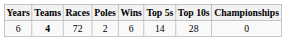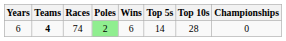 <table class="wikitable" style="text-align:center; font-size:95%">
 <tr>
 <th>Years</th>
 <th>Teams</th>
 <th>Races</th>
 <th>Poles</th>
 <th>Wins</th>
 <th>Top 5s</th>
 <th>Top 10s</th>
 <th>Championships</th>
 </tr>
 <tr>
 <td>6</td>
 <td><strong>4</strong></td>
-<td>72</td>
-<td>2</td>
+<td>74</td>
+<td style="background: lightgreen;">2</td>
 <td>6</td>
 <td>14</td>
 <td>28</td>
 <td>0</td>
 </tr>
 </table>
